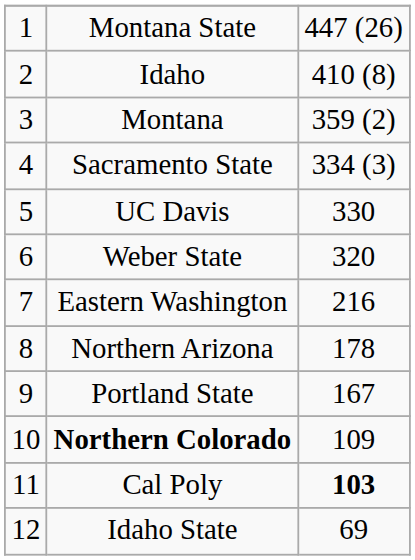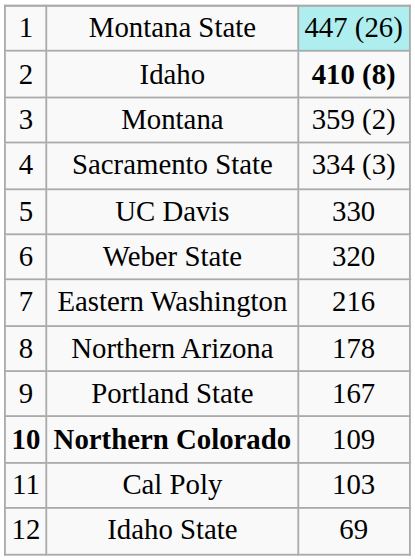 <table class="wikitable" style="display: inline-table;">
 <tr align="center">
 </tr>
 <tr align="center">
 <td>1</td>
 <td>Montana State</td>
-<td>447 (26)</td>
+<td style="background: paleturquoise;">447 (26)</td>
 </tr>
 <tr align="center">
 <td>2</td>
 <td>Idaho</td>
-<td>410 (8)</td>
+<td><strong>410 (8)</strong></td>
 </tr>
 <tr align="center">
 <td>3</td>
 <td>Montana</td>
 <td>359 (2)</td>
 </tr>
 <tr align="center">
 <td>4</td>
 <td>Sacramento State</td>
 <td>334 (3)</td>
 </tr>
 <tr align="center">
 <td>5</td>
 <td>UC Davis</td>
 <td>330</td>
 </tr>
 <tr align="center">
 <td>6</td>
 <td>Weber State</td>
 <td>320</td>
 </tr>
 <tr align="center">
 <td>7</td>
 <td>Eastern Washington</td>
 <td>216</td>
 </tr>
 <tr align="center">
 <td>8</td>
 <td>Northern Arizona</td>
 <td>178</td>
 </tr>
 <tr align="center">
 <td>9</td>
 <td>Portland State</td>
 <td>167</td>
 </tr>
 <tr align="center">
-<td>10</td>
+<td><strong>10</strong></td>
 <td><strong>Northern Colorado</strong></td>
 <td>109</td>
 </tr>
 <tr align="center">
 <td>11</td>
 <td>Cal Poly</td>
-<td><strong>103</strong></td>
+<td>103</td>
 </tr>
 <tr align="center">
 <td>12</td>
 <td>Idaho State</td>
 <td>69</td>
 </tr>
 </table>
